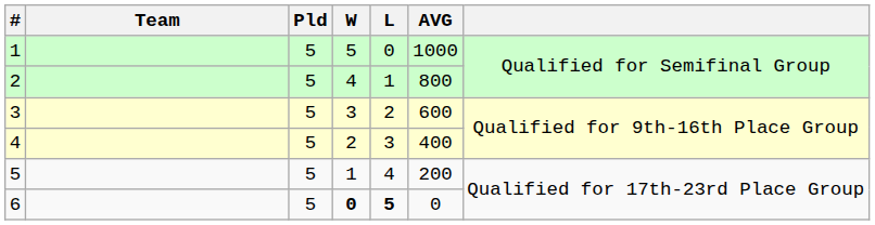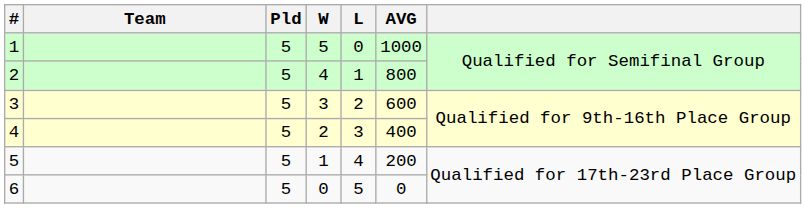 <table class="wikitable" style="text-align:center;">
 <tr>
 <th>#</th>
 <th width=175>Team</th>
 <th width=20 abbr="Played">Pld</th>
 <th width=20 abbr="Won">W</th>
 <th width=20 abbr="Lost">L</th>
 <th width=30 abbr="Average">AVG</th>
 <th></th>
 </tr>
 <tr style="background:#ccffcc">
 <td>1</td>
 <td align=left></td>
 <td>5</td>
 <td>5</td>
 <td>0</td>
 <td>1000</td>
 <td rowspan="2">Qualified for Semifinal Group</td>
 </tr>
 <tr style="background:#ccffcc">
 <td>2</td>
 <td align=left></td>
 <td>5</td>
 <td>4</td>
 <td>1</td>
 <td>800</td>
 </tr>
 <tr style="background:#ffffd0">
 <td>3</td>
 <td align=left></td>
 <td>5</td>
 <td>3</td>
 <td>2</td>
 <td>600</td>
 <td rowspan="2">Qualified for 9th-16th Place Group</td>
 </tr>
 <tr style="background:#ffffd0">
 <td>4</td>
 <td align=left></td>
 <td>5</td>
 <td>2</td>
 <td>3</td>
 <td>400</td>
 </tr>
 <tr>
 <td>5</td>
 <td align=left></td>
 <td>5</td>
 <td>1</td>
 <td>4</td>
 <td>200</td>
 <td rowspan="2">Qualified for 17th-23rd Place Group</td>
 </tr>
 <tr>
 <td>6</td>
 <td align=left></td>
 <td>5</td>
-<td><strong>0</strong></td>
-<td><strong>5</strong></td>
+<td>0</td>
+<td>5</td>
 <td>0</td>
 </tr>
 </table>
